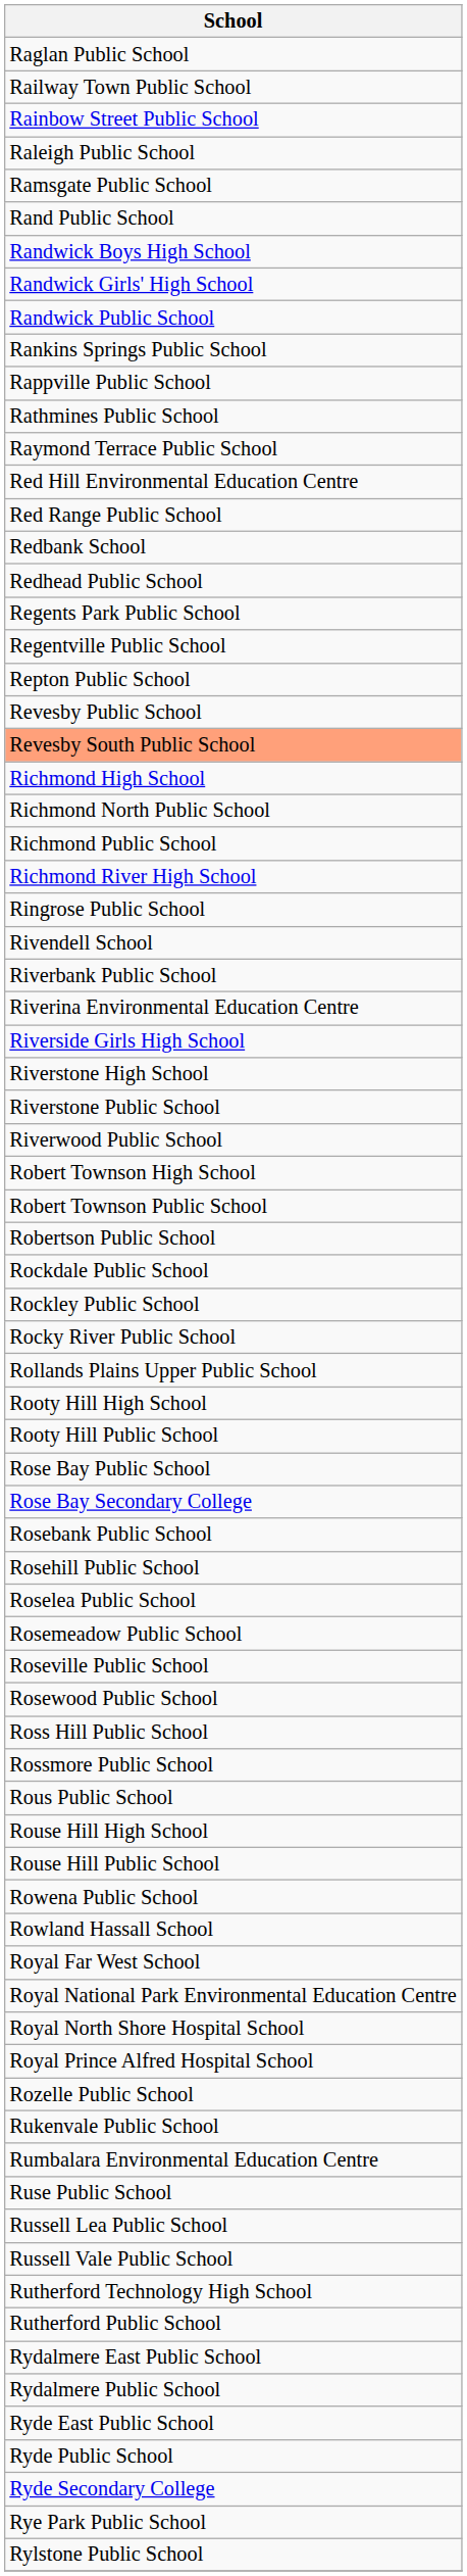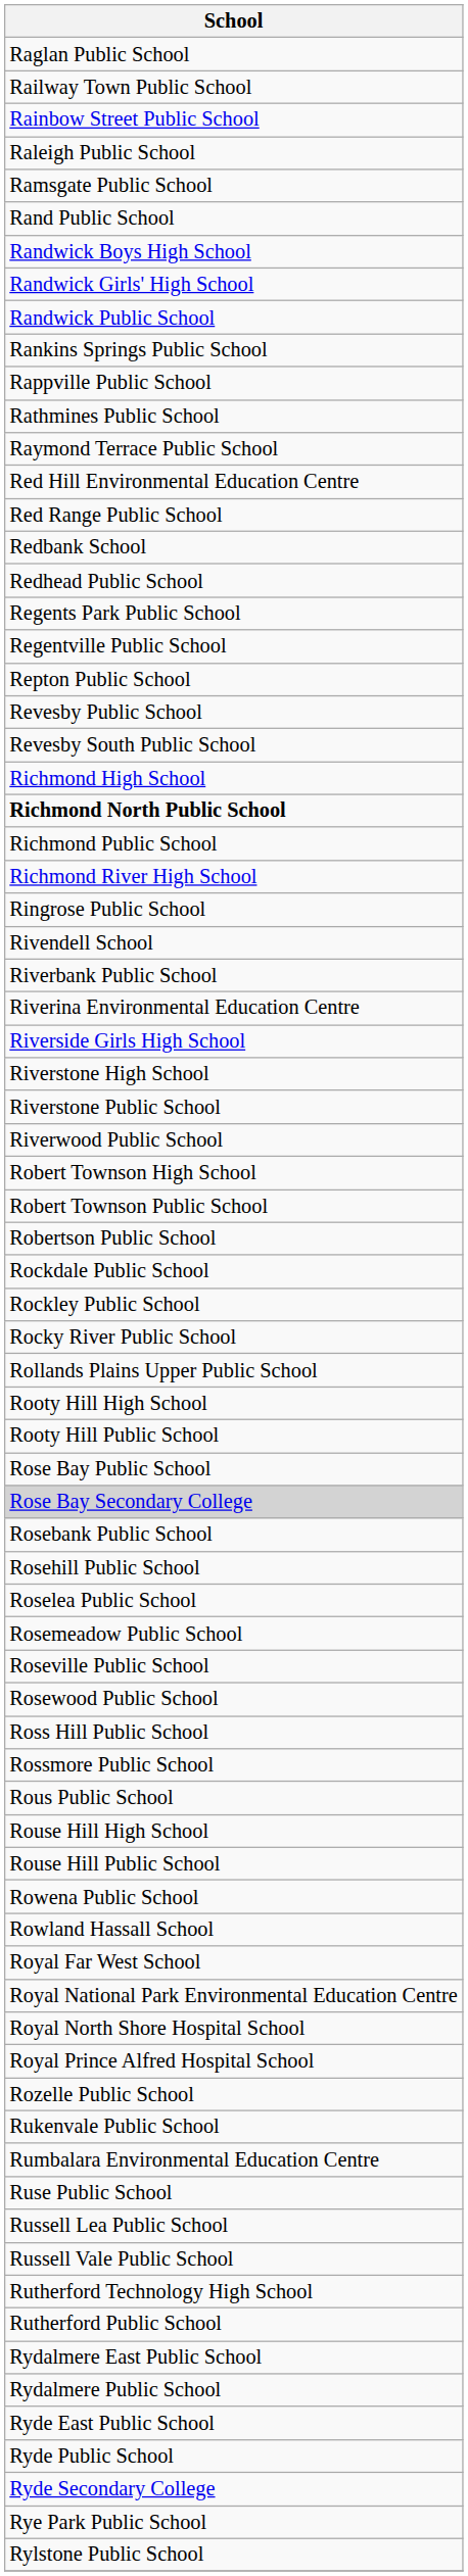 <table class="wikitable">
 <tr>
 <th>School</th>
 </tr>
 <tr>
 <td>Raglan Public School</td>
 </tr>
 <tr>
 <td>Railway Town Public School</td>
 </tr>
 <tr>
 <td><a href='#'>Rainbow Street Public School</a></td>
 </tr>
 <tr>
 <td>Raleigh Public School</td>
 </tr>
 <tr>
 <td>Ramsgate Public School</td>
 </tr>
 <tr>
 <td>Rand Public School</td>
 </tr>
 <tr>
 <td><a href='#'>Randwick Boys High School</a></td>
 </tr>
 <tr>
 <td><a href='#'>Randwick Girls' High School</a></td>
 </tr>
 <tr>
 <td><a href='#'>Randwick Public School</a></td>
 </tr>
 <tr>
 <td>Rankins Springs Public School</td>
 </tr>
 <tr>
 <td>Rappville Public School</td>
 </tr>
 <tr>
 <td>Rathmines Public School</td>
 </tr>
 <tr>
 <td>Raymond Terrace Public School</td>
 </tr>
 <tr>
 <td>Red Hill Environmental Education Centre</td>
 </tr>
 <tr>
 <td>Red Range Public School</td>
 </tr>
 <tr>
 <td>Redbank School</td>
 </tr>
 <tr>
 <td>Redhead Public School</td>
 </tr>
 <tr>
 <td>Regents Park Public School</td>
 </tr>
 <tr>
 <td>Regentville Public School</td>
 </tr>
 <tr>
 <td>Repton Public School</td>
 </tr>
 <tr>
 <td>Revesby Public School</td>
 </tr>
 <tr>
-<td style="background: lightsalmon;">Revesby South Public School</td>
+<td>Revesby South Public School</td>
 </tr>
 <tr>
 <td><a href='#'>Richmond High School</a></td>
 </tr>
 <tr>
-<td>Richmond North Public School</td>
+<td><strong>Richmond North Public School</strong></td>
 </tr>
 <tr>
 <td>Richmond Public School</td>
 </tr>
 <tr>
 <td><a href='#'>Richmond River High School</a></td>
 </tr>
 <tr>
 <td>Ringrose Public School</td>
 </tr>
 <tr>
 <td>Rivendell School</td>
 </tr>
 <tr>
 <td>Riverbank Public School</td>
 </tr>
 <tr>
 <td>Riverina Environmental Education Centre</td>
 </tr>
 <tr>
 <td><a href='#'>Riverside Girls High School</a></td>
 </tr>
 <tr>
 <td>Riverstone High School</td>
 </tr>
 <tr>
 <td>Riverstone Public School</td>
 </tr>
 <tr>
 <td>Riverwood Public School</td>
 </tr>
 <tr>
 <td>Robert Townson High School</td>
 </tr>
 <tr>
 <td>Robert Townson Public School</td>
 </tr>
 <tr>
 <td>Robertson Public School</td>
 </tr>
 <tr>
 <td>Rockdale Public School</td>
 </tr>
 <tr>
 <td>Rockley Public School</td>
 </tr>
 <tr>
 <td>Rocky River Public School</td>
 </tr>
 <tr>
 <td>Rollands Plains Upper Public School</td>
 </tr>
 <tr>
 <td>Rooty Hill High School</td>
 </tr>
 <tr>
 <td>Rooty Hill Public School</td>
 </tr>
 <tr>
 <td>Rose Bay Public School</td>
 </tr>
 <tr>
-<td><a href='#'>Rose Bay Secondary College</a></td>
+<td style="background: lightgrey;"><a href='#'>Rose Bay Secondary College</a></td>
 </tr>
 <tr>
 <td>Rosebank Public School</td>
 </tr>
 <tr>
 <td>Rosehill Public School</td>
 </tr>
 <tr>
 <td>Roselea Public School</td>
 </tr>
 <tr>
 <td>Rosemeadow Public School</td>
 </tr>
 <tr>
 <td>Roseville Public School</td>
 </tr>
 <tr>
 <td>Rosewood Public School</td>
 </tr>
 <tr>
 <td>Ross Hill Public School</td>
 </tr>
 <tr>
 <td>Rossmore Public School</td>
 </tr>
 <tr>
 <td>Rous Public School</td>
 </tr>
 <tr>
 <td>Rouse Hill High School</td>
 </tr>
 <tr>
 <td>Rouse Hill Public School</td>
 </tr>
 <tr>
 <td>Rowena Public School</td>
 </tr>
 <tr>
 <td>Rowland Hassall School</td>
 </tr>
 <tr>
 <td>Royal Far West School</td>
 </tr>
 <tr>
 <td>Royal National Park Environmental Education Centre</td>
 </tr>
 <tr>
 <td>Royal North Shore Hospital School</td>
 </tr>
 <tr>
 <td>Royal Prince Alfred Hospital School</td>
 </tr>
 <tr>
 <td>Rozelle Public School</td>
 </tr>
 <tr>
 <td>Rukenvale Public School</td>
 </tr>
 <tr>
 <td>Rumbalara Environmental Education Centre</td>
 </tr>
 <tr>
 <td>Ruse Public School</td>
 </tr>
 <tr>
 <td>Russell Lea Public School</td>
 </tr>
 <tr>
 <td>Russell Vale Public School</td>
 </tr>
 <tr>
 <td>Rutherford Technology High School</td>
 </tr>
 <tr>
 <td>Rutherford Public School</td>
 </tr>
 <tr>
 <td>Rydalmere East Public School</td>
 </tr>
 <tr>
 <td>Rydalmere Public School</td>
 </tr>
 <tr>
 <td>Ryde East Public School</td>
 </tr>
 <tr>
 <td>Ryde Public School</td>
 </tr>
 <tr>
 <td><a href='#'>Ryde Secondary College</a></td>
 </tr>
 <tr>
 <td>Rye Park Public School</td>
 </tr>
 <tr>
 <td>Rylstone Public School</td>
 </tr>
 <tr>
 </tr>
 </table>
